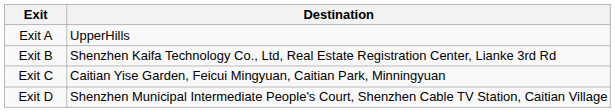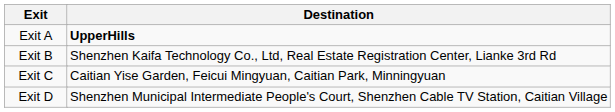 <table class="wikitable">
 <tr>
 <th style="width:70px" colspan="2">Exit</th>
 <th>Destination</th>
 </tr>
 <tr>
 <td align="center" colspan="2">Exit A</td>
-<td>UpperHills</td>
+<td><strong>UpperHills</strong></td>
 </tr>
 <tr>
 <td align="center" colspan="2">Exit B</td>
 <td>Shenzhen Kaifa Technology Co., Ltd, Real Estate Registration Center, Lianke 3rd Rd</td>
 </tr>
 <tr>
 <td align="center" colspan="2">Exit C</td>
 <td>Caitian Yise Garden, Feicui Mingyuan, Caitian Park, Minningyuan</td>
 </tr>
 <tr>
 <td align="center" colspan="2">Exit D</td>
 <td>Shenzhen Municipal Intermediate People's Court, Shenzhen Cable TV Station, Caitian Village</td>
 </tr>
 </table>
